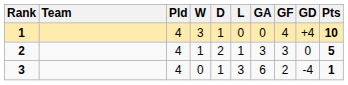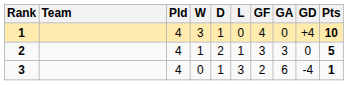 <table class="wikitable" style="text-align: center;">
 <tr>
 <th width=30>Rank</th>
 <th width=165 style="text-align:left;">Team</th>
 <th width=20>Pld</th>
 <th width=20>W</th>
 <th width=20>D</th>
 <th width=20>L</th>
+<th width=20>GF</th>
 <th width=20>GA</th>
-<th width=20>GF</th>
 <th width=20>GD</th>
 <th width=20>Pts</th>
 </tr>
 <tr style="background:#ffebad;">
 <td><strong>1</strong></td>
 <td style="text-align:left;"></td>
 <td>4</td>
 <td>3</td>
 <td>1</td>
 <td>0</td>
+<td>4</td>
 <td>0</td>
-<td>4</td>
 <td>+4</td>
 <td><strong>10</strong></td>
 </tr>
 <tr>
 <td><strong>2</strong></td>
 <td style="text-align:left;"></td>
 <td>4</td>
 <td>1</td>
 <td>2</td>
 <td>1</td>
 <td>3</td>
 <td>3</td>
 <td>0</td>
 <td><strong>5</strong></td>
 </tr>
 <tr>
 <td><strong>3</strong></td>
 <td style="text-align:left;"></td>
 <td>4</td>
 <td>0</td>
 <td>1</td>
 <td>3</td>
+<td>2</td>
 <td>6</td>
-<td>2</td>
 <td>-4</td>
 <td><strong>1</strong></td>
 </tr>
 </table>
